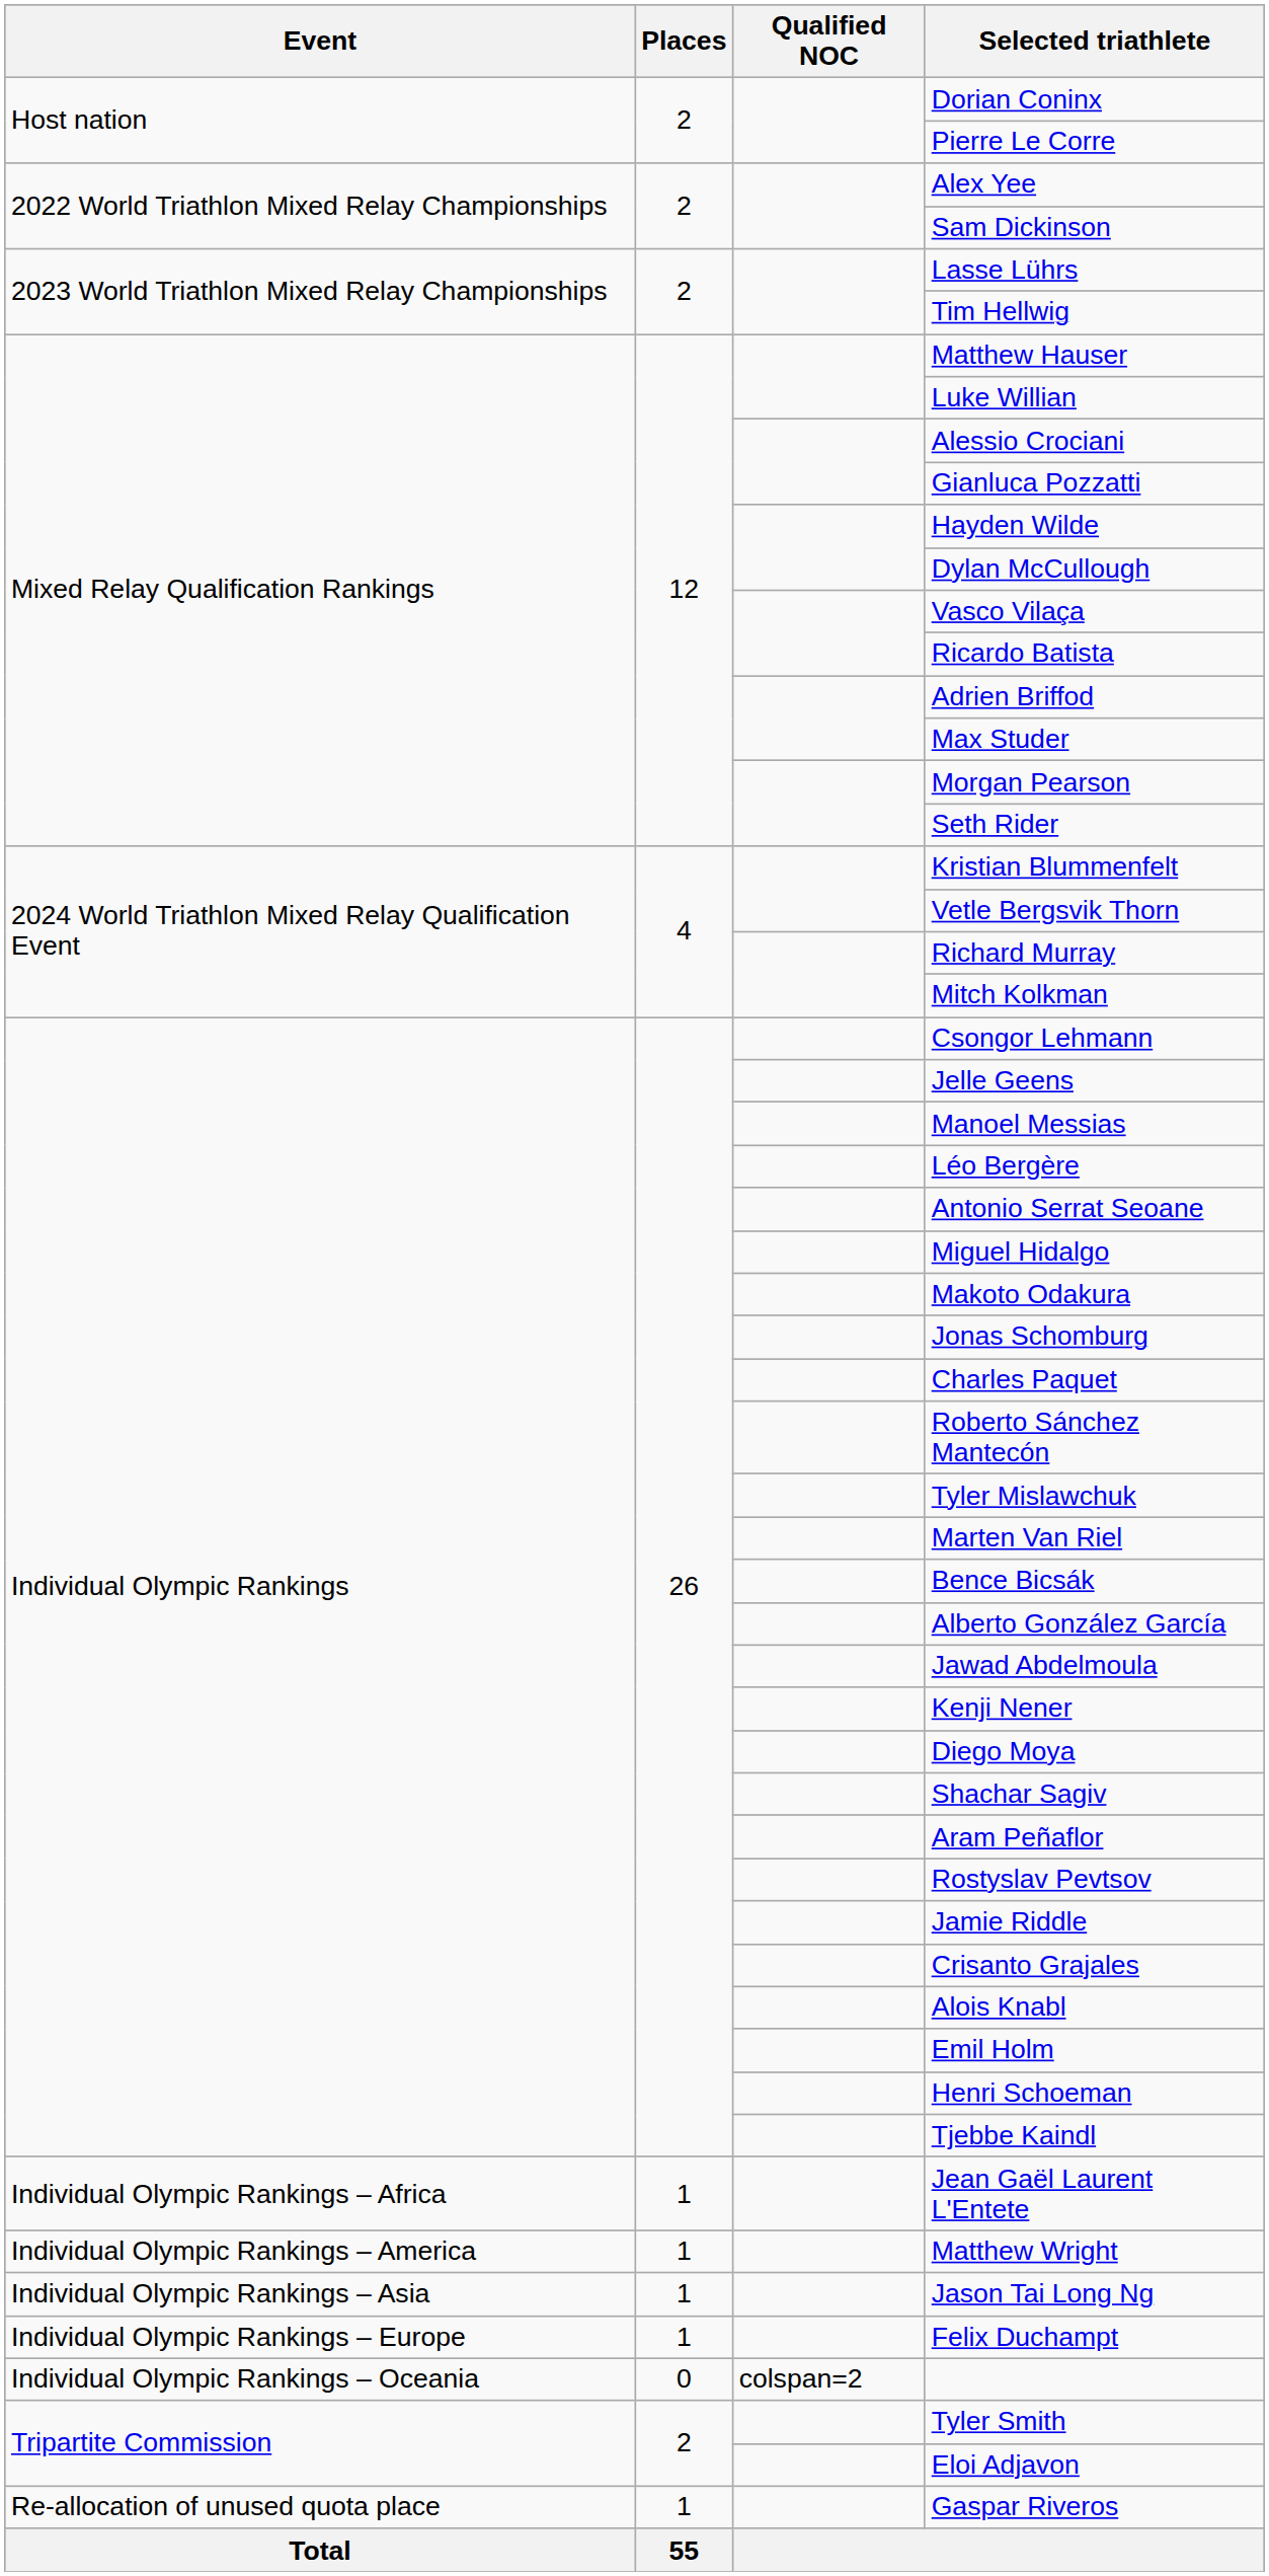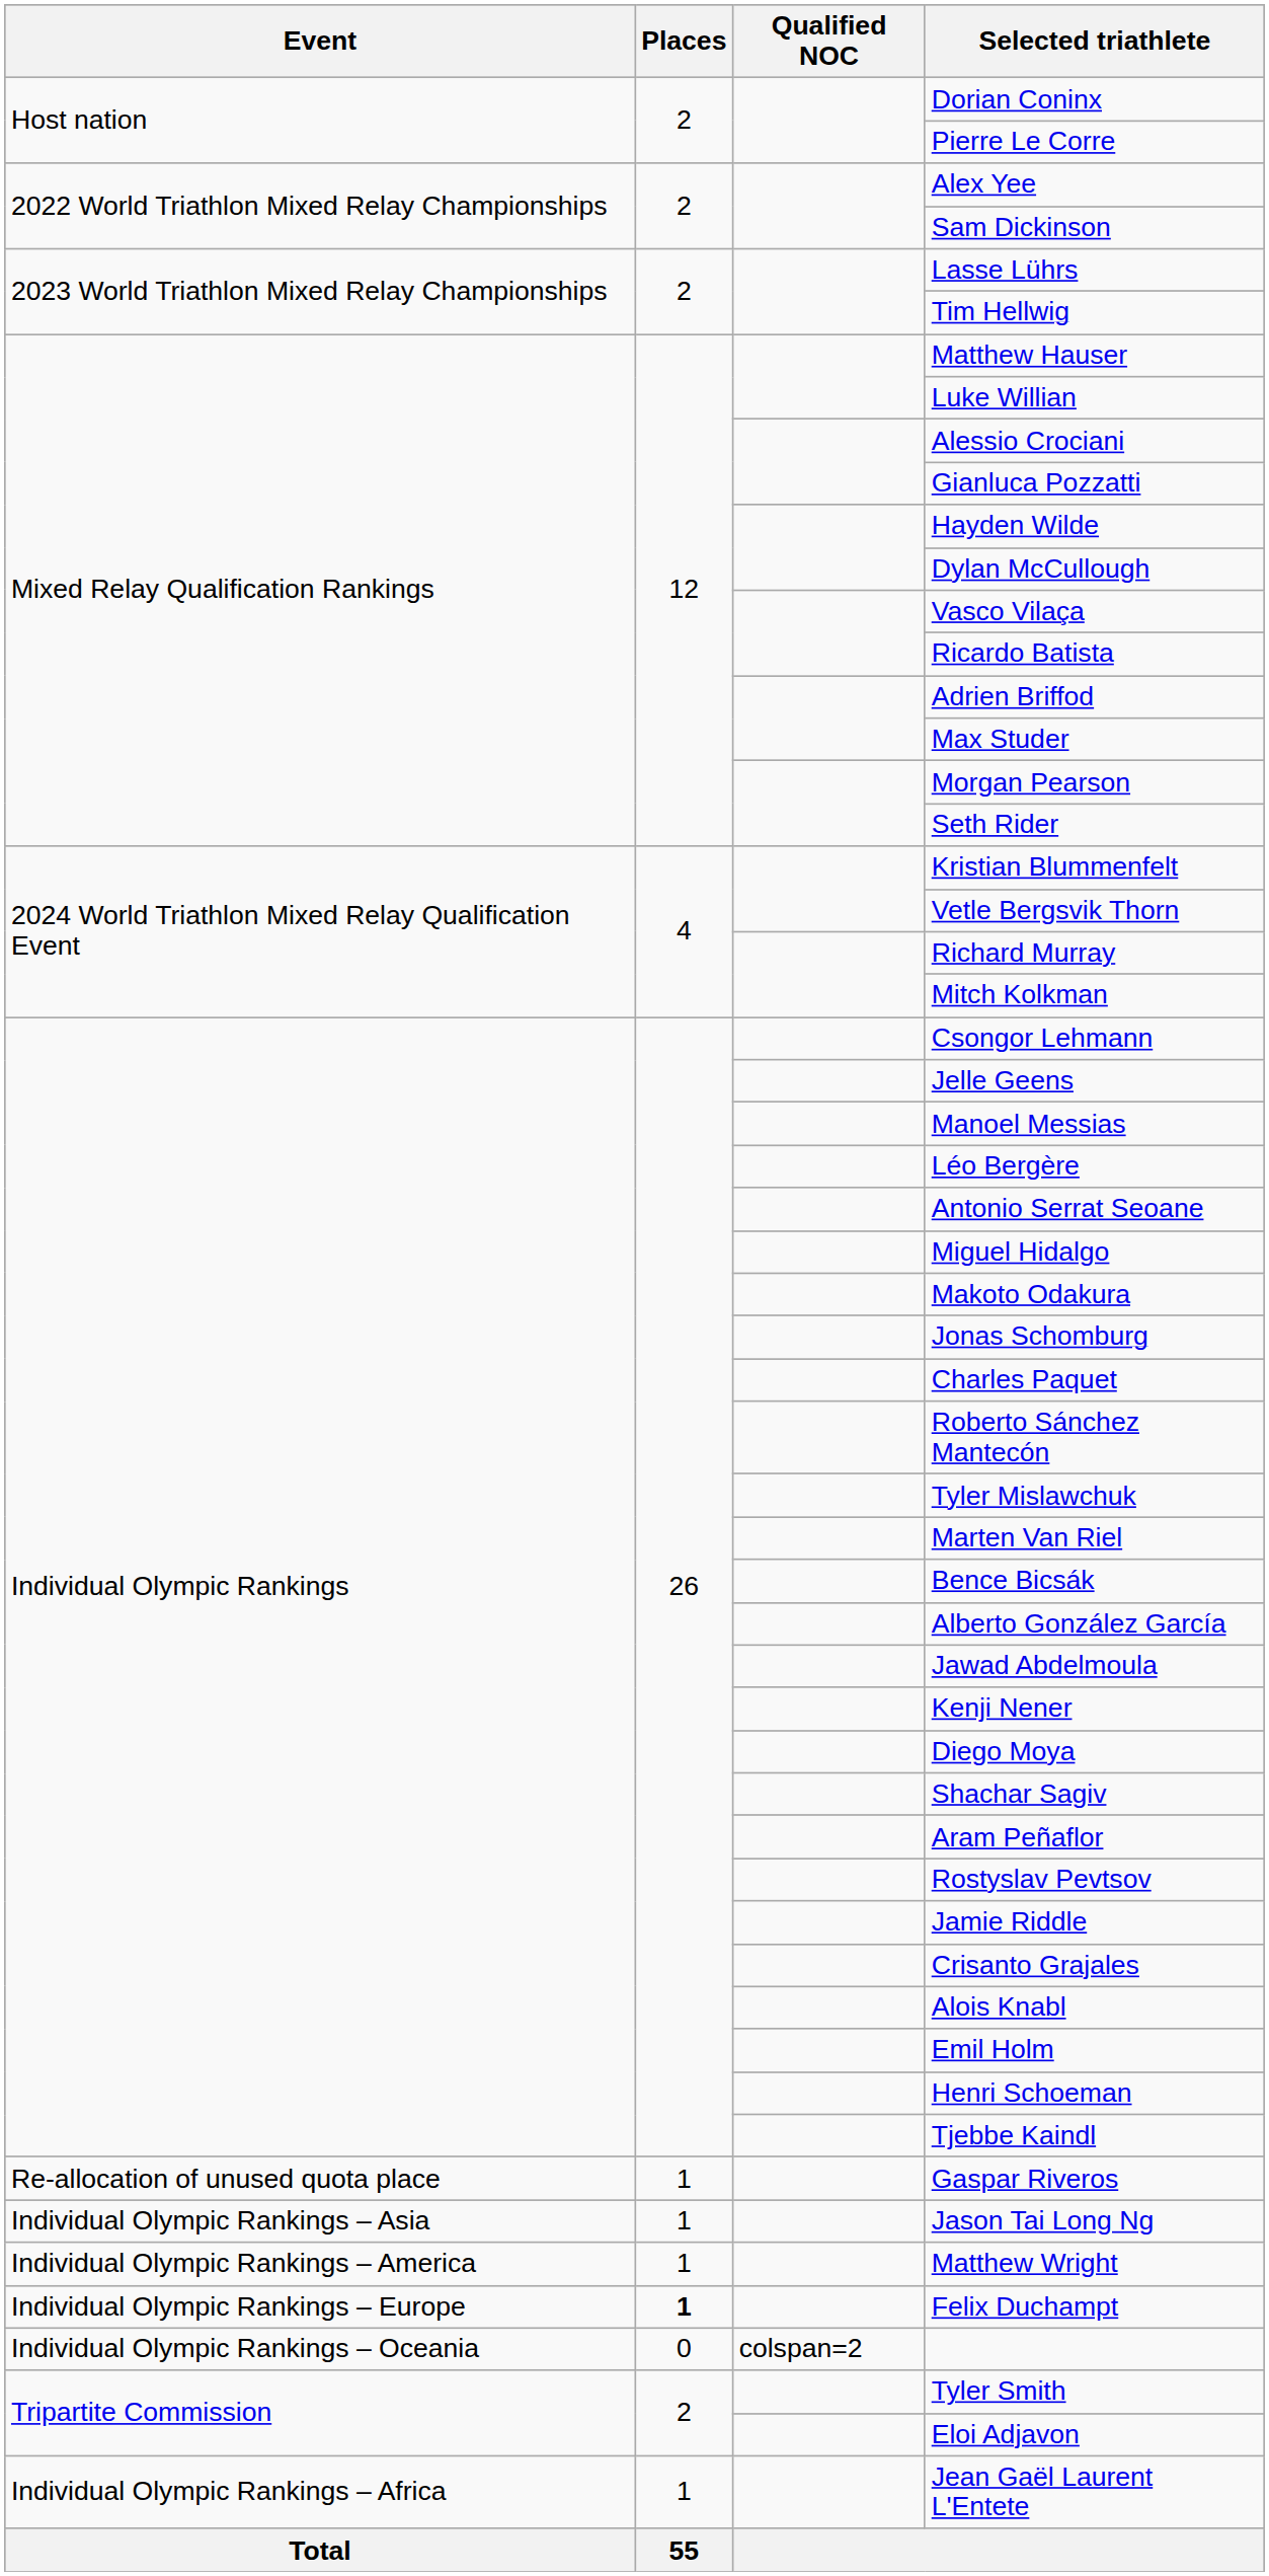 <table class="wikitable"  width=750>
 <tr>
 <th>Event</th>
 <th>Places</th>
 <th>Qualified NOC</th>
 <th>Selected triathlete</th>
 </tr>
 <tr>
 <td rowspan=2>Host nation</td>
 <td rowspan=2 align=center>2</td>
 <td rowspan=2></td>
 <td><a href='#'>Dorian Coninx</a></td>
 </tr>
 <tr>
 <td><a href='#'>Pierre Le Corre</a></td>
 </tr>
 <tr>
 <td rowspan=2>2022 World Triathlon Mixed Relay Championships</td>
 <td rowspan=2 align=center>2</td>
 <td rowspan=2></td>
 <td><a href='#'>Alex Yee</a></td>
 </tr>
 <tr>
 <td><a href='#'>Sam Dickinson</a></td>
 </tr>
 <tr>
 <td rowspan=2>2023 World Triathlon Mixed Relay Championships</td>
 <td rowspan=2 align=center>2</td>
 <td rowspan=2></td>
 <td><a href='#'>Lasse Lührs</a></td>
 </tr>
 <tr>
 <td><a href='#'>Tim Hellwig</a></td>
 </tr>
 <tr>
 <td rowspan=12>Mixed Relay Qualification Rankings</td>
 <td rowspan=12 align=center>12</td>
 <td rowspan=2></td>
 <td><a href='#'>Matthew Hauser</a></td>
 </tr>
 <tr>
 <td><a href='#'>Luke Willian</a></td>
 </tr>
 <tr>
 <td rowspan=2></td>
 <td><a href='#'>Alessio Crociani</a></td>
 </tr>
 <tr>
 <td><a href='#'>Gianluca Pozzatti</a></td>
 </tr>
 <tr>
 <td rowspan=2></td>
 <td><a href='#'>Hayden Wilde</a></td>
 </tr>
 <tr>
 <td><a href='#'>Dylan McCullough</a></td>
 </tr>
 <tr>
 <td rowspan=2></td>
 <td><a href='#'>Vasco Vilaça</a></td>
 </tr>
 <tr>
 <td><a href='#'>Ricardo Batista</a></td>
 </tr>
 <tr>
 <td rowspan=2></td>
 <td><a href='#'>Adrien Briffod</a></td>
 </tr>
 <tr>
 <td><a href='#'>Max Studer</a></td>
 </tr>
 <tr>
 <td rowspan=2></td>
 <td><a href='#'>Morgan Pearson</a></td>
 </tr>
 <tr>
 <td><a href='#'>Seth Rider</a></td>
 </tr>
 <tr>
 <td rowspan=4>2024 World Triathlon Mixed Relay Qualification Event</td>
 <td rowspan=4 align=center>4</td>
 <td rowspan=2></td>
 <td><a href='#'>Kristian Blummenfelt</a></td>
 </tr>
 <tr>
 <td><a href='#'>Vetle Bergsvik Thorn</a></td>
 </tr>
 <tr>
 <td rowspan=2></td>
 <td><a href='#'>Richard Murray</a></td>
 </tr>
 <tr>
 <td><a href='#'>Mitch Kolkman</a></td>
 </tr>
 <tr>
 <td rowspan=26>Individual Olympic Rankings</td>
 <td rowspan=26 align=center>26</td>
 <td></td>
 <td><a href='#'>Csongor Lehmann</a></td>
 </tr>
 <tr>
 <td></td>
 <td><a href='#'>Jelle Geens</a></td>
 </tr>
 <tr>
 <td></td>
 <td><a href='#'>Manoel Messias</a></td>
 </tr>
 <tr>
 <td></td>
 <td><a href='#'>Léo Bergère</a></td>
 </tr>
 <tr>
 <td></td>
 <td><a href='#'>Antonio Serrat Seoane</a></td>
 </tr>
 <tr>
 <td></td>
 <td><a href='#'>Miguel Hidalgo</a></td>
 </tr>
 <tr>
 <td></td>
 <td><a href='#'>Makoto Odakura</a></td>
 </tr>
 <tr>
 <td></td>
 <td><a href='#'>Jonas Schomburg</a></td>
 </tr>
 <tr>
 <td></td>
 <td><a href='#'>Charles Paquet</a></td>
 </tr>
 <tr>
 <td></td>
 <td><a href='#'>Roberto Sánchez Mantecón</a></td>
 </tr>
 <tr>
 <td></td>
 <td><a href='#'>Tyler Mislawchuk</a></td>
 </tr>
 <tr>
 <td></td>
 <td><a href='#'>Marten Van Riel</a></td>
 </tr>
 <tr>
 <td></td>
 <td><a href='#'>Bence Bicsák</a></td>
 </tr>
 <tr>
 <td></td>
 <td><a href='#'>Alberto González García</a></td>
 </tr>
 <tr>
 <td></td>
 <td><a href='#'>Jawad Abdelmoula</a></td>
 </tr>
 <tr>
 <td></td>
 <td><a href='#'>Kenji Nener</a></td>
 </tr>
 <tr>
 <td></td>
 <td><a href='#'>Diego Moya</a></td>
 </tr>
 <tr>
 <td></td>
 <td><a href='#'>Shachar Sagiv</a></td>
 </tr>
 <tr>
 <td></td>
 <td><a href='#'>Aram Peñaflor</a></td>
 </tr>
 <tr>
 <td></td>
 <td><a href='#'>Rostyslav Pevtsov</a></td>
 </tr>
 <tr>
 <td></td>
 <td><a href='#'>Jamie Riddle</a></td>
 </tr>
 <tr>
 <td></td>
 <td><a href='#'>Crisanto Grajales</a></td>
 </tr>
 <tr>
 <td></td>
 <td><a href='#'>Alois Knabl</a></td>
 </tr>
 <tr>
 <td></td>
 <td><a href='#'>Emil Holm</a></td>
 </tr>
 <tr>
 <td></td>
 <td><a href='#'>Henri Schoeman</a></td>
 </tr>
 <tr>
 <td></td>
 <td><a href='#'>Tjebbe Kaindl</a></td>
 </tr>
 <tr>
-<td>Individual Olympic Rankings – Africa</td>
+<td>Re-allocation of unused quota place</td>
 <td align=center>1</td>
 <td></td>
-<td><a href='#'>Jean Gaël Laurent L'Entete</a></td>
+<td><a href='#'>Gaspar Riveros</a></td>
+</tr>
+<tr>
+<td>Individual Olympic Rankings – Asia</td>
+<td align=center>1</td>
+<td></td>
+<td><a href='#'>Jason Tai Long Ng</a></td>
 </tr>
 <tr>
 <td>Individual Olympic Rankings – America</td>
 <td align=center>1</td>
 <td></td>
 <td><a href='#'>Matthew Wright</a></td>
 </tr>
 <tr>
-<td>Individual Olympic Rankings – Asia</td>
-<td align=center>1</td>
-<td></td>
-<td><a href='#'>Jason Tai Long Ng</a></td>
-</tr>
-<tr>
 <td>Individual Olympic Rankings – Europe</td>
-<td align=center>1</td>
+<td align=center><strong>1</strong></td>
 <td></td>
 <td><a href='#'>Felix Duchampt</a></td>
 </tr>
 <tr>
 <td>Individual Olympic Rankings – Oceania</td>
 <td align=center>0</td>
 <td>colspan=2 </td>
 </tr>
 <tr>
 <td rowspan=2><a href='#'>Tripartite Commission</a></td>
 <td rowspan=2 align=center>2</td>
 <td></td>
 <td><a href='#'>Tyler Smith</a></td>
 </tr>
 <tr>
 <td></td>
 <td><a href='#'>Eloi Adjavon</a></td>
 </tr>
 <tr>
-<td>Re-allocation of unused quota place</td>
+<td>Individual Olympic Rankings – Africa</td>
 <td align=center>1</td>
 <td></td>
-<td><a href='#'>Gaspar Riveros</a></td>
+<td><a href='#'>Jean Gaël Laurent L'Entete</a></td>
 </tr>
 <tr>
 <th>Total</th>
 <th>55</th>
 <th colspan=2></th>
 </tr>
 </table>
